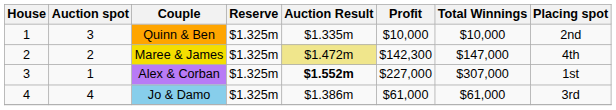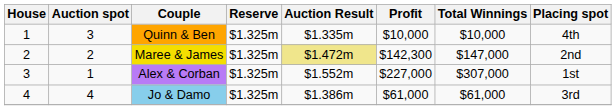 <table class="wikitable" style="text-align: center" |>
 <tr>
 <th>House</th>
 <th>Auction spot</th>
 <th>Couple</th>
 <th>Reserve</th>
 <th>Auction Result</th>
 <th>Profit</th>
 <th>Total Winnings</th>
 <th>Placing spot</th>
 </tr>
 <tr>
 <td>1</td>
 <td>3</td>
 <td style="background:orange;">Quinn & Ben</td>
 <td>$1.325m</td>
 <td>$1.335m</td>
 <td>$10,000</td>
 <td>$10,000</td>
-<td>2nd</td>
+<td>4th</td>
 </tr>
 <tr>
 <td>2</td>
 <td>2</td>
 <td style='background:#f4de00;'>Maree & James</td>
 <td>$1.325m</td>
 <td style="background: khaki;">$1.472m</td>
 <td>$142,300</td>
 <td>$147,000</td>
-<td>4th</td>
+<td>2nd</td>
 </tr>
 <tr>
 <td>3</td>
 <td>1</td>
 <td style='background:#B87BF6;'>Alex & Corban</td>
 <td>$1.325m</td>
-<td><strong>$1.552m</strong></td>
+<td>$1.552m</td>
 <td>$227,000</td>
 <td>$307,000</td>
 <td>1st</td>
 </tr>
 <tr>
 <td>4</td>
 <td>4</td>
 <td style='background:SkyBlue;'>Jo & Damo</td>
 <td>$1.325m</td>
 <td>$1.386m</td>
 <td>$61,000</td>
 <td>$61,000</td>
 <td>3rd</td>
 </tr>
 <tr>
 </tr>
 </table>
